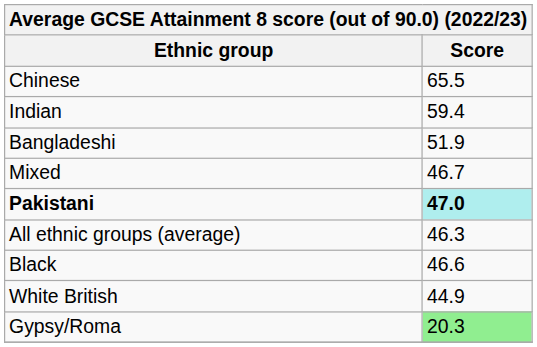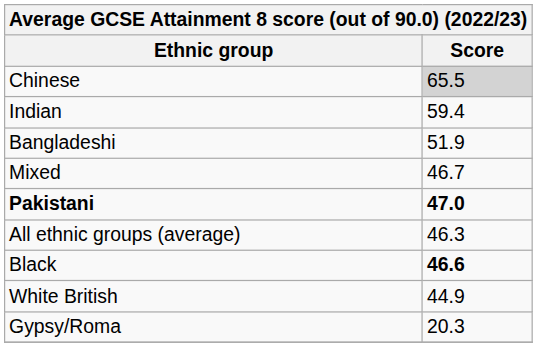 <table class="wikitable sortable">
 <tr>
 <th colspan="3">Average GCSE Attainment 8 score (out of 90.0) (2022/23)</th>
 </tr>
 <tr>
 <th>Ethnic group</th>
 <th>Score</th>
 </tr>
 <tr>
 <td>Chinese</td>
-<td>65.5</td>
+<td style="background: lightgrey;">65.5</td>
 </tr>
 <tr>
 <td>Indian</td>
 <td>59.4</td>
 </tr>
 <tr>
 <td>Bangladeshi</td>
 <td>51.9</td>
 </tr>
 <tr>
 <td>Mixed</td>
 <td>46.7</td>
 </tr>
 <tr>
 <td><strong>Pakistani</strong></td>
-<td style="background: paleturquoise;"><strong>47.0</strong></td>
+<td><strong>47.0</strong></td>
 </tr>
 <tr>
 <td>All ethnic groups (average)</td>
 <td>46.3</td>
 </tr>
 <tr>
 <td>Black</td>
-<td>46.6</td>
+<td><strong>46.6</strong></td>
 </tr>
 <tr>
 <td>White British</td>
 <td>44.9</td>
 </tr>
 <tr>
 <td>Gypsy/Roma</td>
-<td style="background: lightgreen;">20.3</td>
+<td>20.3</td>
 </tr>
 <tr>
 </tr>
 </table>
